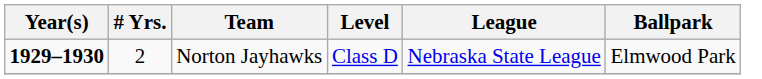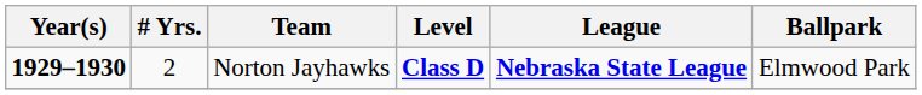 <table class="wikitable" style="text-align:center; font-size: 95%;">
 <tr>
 <th>Year(s)</th>
 <th># Yrs.</th>
 <th>Team</th>
 <th>Level</th>
 <th>League</th>
 <th>Ballpark</th>
 </tr>
 <tr>
 <td><strong>1929–1930</strong></td>
 <td>2</td>
 <td>Norton Jayhawks</td>
-<td><a href='#'>Class D</a></td>
-<td><a href='#'>Nebraska State League</a></td>
+<td><strong><a href='#'>Class D</a></strong></td>
+<td><strong><a href='#'>Nebraska State League</a></strong></td>
 <td>Elmwood Park</td>
 </tr>
 <tr>
 </tr>
 </table>
